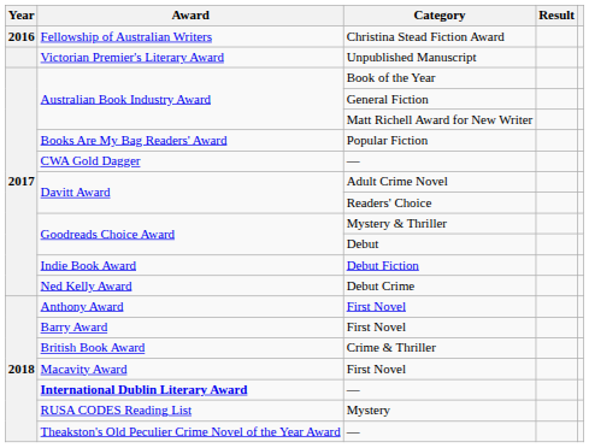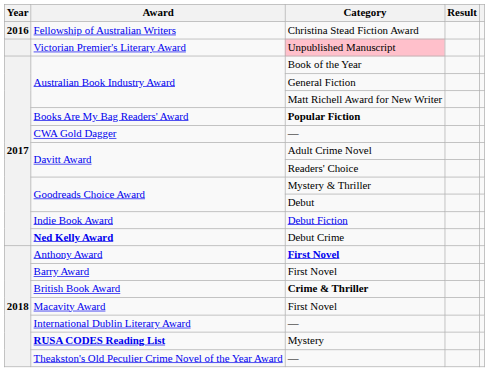 <table class="wikitable sortable">
 <tr>
 <th>Year</th>
 <th>Award</th>
 <th>Category</th>
 <th>Result</th>
 <th></th>
 </tr>
 <tr>
 <th>2016</th>
 <td><a href='#'>Fellowship of Australian Writers</a></td>
 <td>Christina Stead Fiction Award</td>
 <td></td>
 <td></td>
 </tr>
 <tr>
 <th></th>
 <td><a href='#'>Victorian Premier's Literary Award</a></td>
-<td>Unpublished Manuscript</td>
+<td style="background: pink;">Unpublished Manuscript</td>
 <td></td>
 <td></td>
 </tr>
 <tr>
 <th rowspan="11">2017</th>
 <td rowspan="3"><a href='#'>Australian Book Industry Award</a></td>
 <td>Book of the Year</td>
 <td></td>
 <td></td>
 </tr>
 <tr>
 <td>General Fiction</td>
 <td></td>
 <td></td>
 </tr>
 <tr>
 <td>Matt Richell Award for New Writer</td>
 <td></td>
 <td></td>
 </tr>
 <tr>
 <td><a href='#'>Books Are My Bag Readers' Award</a></td>
-<td>Popular Fiction</td>
+<td><strong>Popular Fiction</strong></td>
 <td></td>
 <td></td>
 </tr>
 <tr>
 <td><a href='#'>CWA Gold Dagger</a></td>
 <td>—</td>
 <td></td>
 <td></td>
 </tr>
 <tr>
 <td rowspan="2"><a href='#'>Davitt Award</a></td>
 <td>Adult Crime Novel</td>
 <td></td>
 <td></td>
 </tr>
 <tr>
 <td>Readers' Choice</td>
 <td></td>
 <td></td>
 </tr>
 <tr>
 <td rowspan="2"><a href='#'>Goodreads Choice Award</a></td>
 <td>Mystery & Thriller</td>
 <td></td>
 <td></td>
 </tr>
 <tr>
 <td>Debut</td>
 <td></td>
 <td></td>
 </tr>
 <tr>
 <td><a href='#'>Indie Book Award</a></td>
 <td><a href='#'>Debut Fiction</a></td>
 <td></td>
 <td></td>
 </tr>
 <tr>
-<td><a href='#'>Ned Kelly Award</a></td>
+<td><strong><a href='#'>Ned Kelly Award</a></strong></td>
 <td>Debut Crime</td>
 <td></td>
 <td></td>
 </tr>
 <tr>
 <th rowspan="7">2018</th>
 <td><a href='#'>Anthony Award</a></td>
-<td><a href='#'>First Novel</a></td>
+<td><strong><a href='#'>First Novel</a></strong></td>
 <td></td>
 <td></td>
 </tr>
 <tr>
 <td><a href='#'>Barry Award</a></td>
 <td>First Novel</td>
 <td></td>
 <td></td>
 </tr>
 <tr>
 <td><a href='#'>British Book Award</a></td>
-<td>Crime & Thriller</td>
+<td><strong>Crime & Thriller</strong></td>
 <td></td>
 <td></td>
 </tr>
 <tr>
 <td><a href='#'>Macavity Award</a></td>
 <td>First Novel</td>
 <td></td>
 <td></td>
 </tr>
 <tr>
-<td><strong><a href='#'>International Dublin Literary Award</a></strong></td>
+<td><a href='#'>International Dublin Literary Award</a></td>
 <td>—</td>
 <td></td>
 <td></td>
 </tr>
 <tr>
-<td><a href='#'>RUSA CODES Reading List</a></td>
+<td><strong><a href='#'>RUSA CODES Reading List</a></strong></td>
 <td>Mystery</td>
 <td></td>
 <td></td>
 </tr>
 <tr>
 <td><a href='#'>Theakston's Old Peculier Crime Novel of the Year Award</a></td>
 <td>—</td>
 <td></td>
 <td></td>
 </tr>
 </table>
